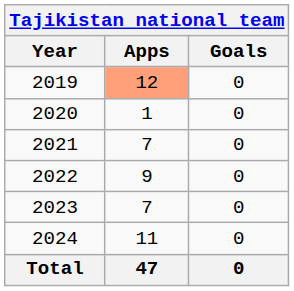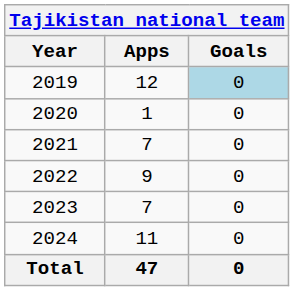 <table class="wikitable" style="text-align:center">
 <tr>
 <th colspan=3><a href='#'>Tajikistan national team</a></th>
 </tr>
 <tr>
 <th>Year</th>
 <th>Apps</th>
 <th>Goals</th>
 </tr>
 <tr>
 <td>2019</td>
-<td style="background: lightsalmon;">12</td>
-<td>0</td>
+<td>12</td>
+<td style="background: lightblue;">0</td>
 </tr>
 <tr>
 <td>2020</td>
 <td>1</td>
 <td>0</td>
 </tr>
 <tr>
 <td>2021</td>
 <td>7</td>
 <td>0</td>
 </tr>
 <tr>
 <td>2022</td>
 <td>9</td>
 <td>0</td>
 </tr>
 <tr>
 <td>2023</td>
 <td>7</td>
 <td>0</td>
 </tr>
 <tr>
 <td>2024</td>
 <td>11</td>
 <td>0</td>
 </tr>
 <tr>
 <th>Total</th>
 <th>47</th>
 <th>0</th>
 </tr>
 </table>
